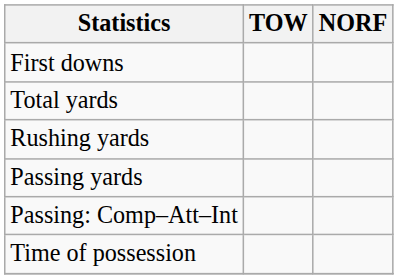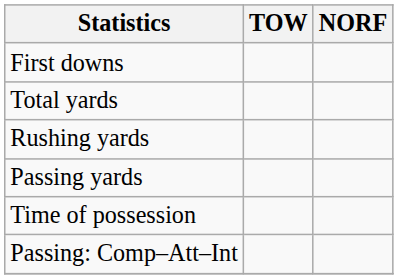 <table class="wikitable" style="float: left;">
 <tr>
 <th>Statistics</th>
 <th>TOW</th>
 <th>NORF</th>
 </tr>
 <tr>
 <td>First downs</td>
 <td></td>
 <td></td>
 </tr>
 <tr>
 <td>Total yards</td>
 <td></td>
 <td></td>
 </tr>
 <tr>
 <td>Rushing yards</td>
 <td></td>
 <td></td>
 </tr>
 <tr>
 <td>Passing yards</td>
 <td></td>
 <td></td>
 </tr>
 <tr>
-<td>Passing: Comp–Att–Int</td>
+<td>Time of possession</td>
 <td></td>
 <td></td>
 </tr>
 <tr>
-<td>Time of possession</td>
+<td>Passing: Comp–Att–Int</td>
 <td></td>
 <td></td>
 </tr>
 <tr>
 </tr>
 </table>
